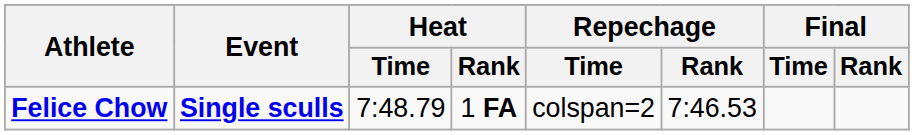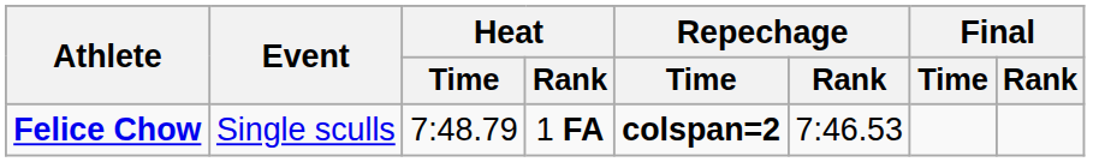 <table class=wikitable style=font-size:90%;text-align:center>
 <tr>
 <th rowspan=2>Athlete</th>
 <th rowspan=2>Event</th>
 <th colspan=2>Heat</th>
 <th colspan=2>Repechage</th>
 <th colspan=2>Final</th>
 </tr>
 <tr style=font-size:95%>
 <th>Time</th>
 <th>Rank</th>
 <th>Time</th>
 <th>Rank</th>
 <th>Time</th>
 <th>Rank</th>
 </tr>
 <tr>
 <td style="text-align:left"><strong><a href='#'>Felice Chow</a></strong></td>
-<td style="text-align:left"><strong><a href='#'>Single sculls</a></strong></td>
+<td style="text-align:left"><a href='#'>Single sculls</a></td>
 <td>7:48.79</td>
 <td>1 <strong>FA</strong></td>
-<td>colspan=2 </td>
+<td><strong>colspan=2 </strong></td>
 <td>7:46.53</td>
 <td></td>
 </tr>
 </table>
